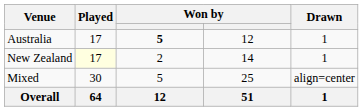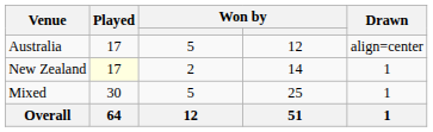 <table class="wikitable">
 <tr>
 <th rowspan=2>Venue</th>
 <th rowspan=2>Played</th>
 <th colspan=2>Won by</th>
 <th rowspan=2>Drawn</th>
 </tr>
 <tr>
 <th width=108px></th>
 <th width=108px></th>
 </tr>
 <tr>
 <td align=left> Australia</td>
 <td align=center>17</td>
-<td align=center><strong>5</strong></td>
+<td align=center>5</td>
 <td align=center>12</td>
-<td align=center>1</td>
+<td>align=center </td>
 </tr>
 <tr>
 <td align=left> New Zealand</td>
 <td align=center style="background: lightyellow;">17</td>
 <td align=center>2</td>
 <td align=center>14</td>
 <td align=center>1</td>
 </tr>
 <tr>
 <td align=left>Mixed</td>
 <td align=center>30</td>
 <td align=center>5</td>
 <td align=center>25</td>
-<td>align=center </td>
+<td align=center>1</td>
 </tr>
 <tr>
 <th>Overall</th>
 <th>64</th>
 <th>12</th>
 <th>51</th>
 <th>1</th>
 </tr>
 </table>
